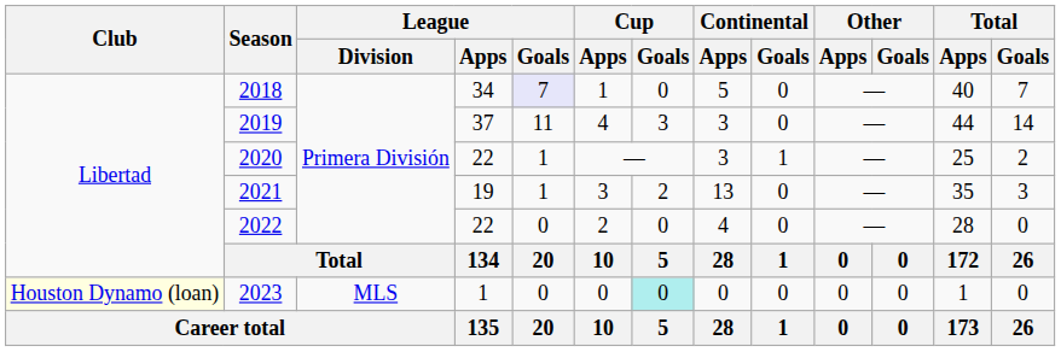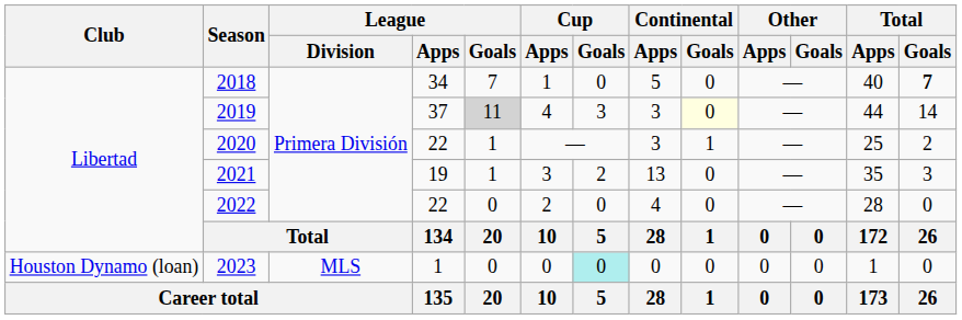 <table class="wikitable" style="text-align:center">
 <tr>
 <th rowspan="2">Club</th>
 <th rowspan="2">Season</th>
 <th colspan="3">League</th>
 <th colspan="2">Cup</th>
 <th colspan="2">Continental</th>
 <th colspan="2">Other</th>
 <th colspan="2">Total</th>
 </tr>
 <tr>
 <th>Division</th>
 <th>Apps</th>
 <th>Goals</th>
 <th>Apps</th>
 <th>Goals</th>
 <th>Apps</th>
 <th>Goals</th>
 <th>Apps</th>
 <th>Goals</th>
 <th>Apps</th>
 <th>Goals</th>
 </tr>
 <tr>
 <td rowspan="6"><a href='#'>Libertad</a></td>
 <td><a href='#'>2018</a></td>
 <td rowspan="5"><a href='#'>Primera División</a></td>
 <td>34</td>
-<td style="background: lavender;">7</td>
+<td>7</td>
 <td>1</td>
 <td>0</td>
 <td>5</td>
 <td>0</td>
 <td colspan="2">—</td>
 <td>40</td>
-<td>7</td>
+<td><strong>7</strong></td>
 </tr>
 <tr>
 <td><a href='#'>2019</a></td>
 <td>37</td>
-<td>11</td>
+<td style="background: lightgrey;">11</td>
 <td>4</td>
 <td>3</td>
 <td>3</td>
-<td>0</td>
+<td style="background: lightyellow;">0</td>
 <td colspan="2">—</td>
 <td>44</td>
 <td>14</td>
 </tr>
 <tr>
 <td><a href='#'>2020</a></td>
 <td>22</td>
 <td>1</td>
 <td colspan="2">—</td>
 <td>3</td>
 <td>1</td>
 <td colspan="2">—</td>
 <td>25</td>
 <td>2</td>
 </tr>
 <tr>
 <td><a href='#'>2021</a></td>
 <td>19</td>
 <td>1</td>
 <td>3</td>
 <td>2</td>
 <td>13</td>
 <td>0</td>
 <td colspan="2">—</td>
 <td>35</td>
 <td>3</td>
 </tr>
 <tr>
 <td><a href='#'>2022</a></td>
 <td>22</td>
 <td>0</td>
 <td>2</td>
 <td>0</td>
 <td>4</td>
 <td>0</td>
 <td colspan="2">—</td>
 <td>28</td>
 <td>0</td>
 </tr>
 <tr>
 <th colspan="2">Total</th>
 <th>134</th>
 <th>20</th>
 <th>10</th>
 <th>5</th>
 <th>28</th>
 <th>1</th>
 <th>0</th>
 <th>0</th>
 <th>172</th>
 <th>26</th>
 </tr>
 <tr>
-<td style="background: lightyellow;"><a href='#'>Houston Dynamo</a> (loan)</td>
+<td><a href='#'>Houston Dynamo</a> (loan)</td>
 <td><a href='#'>2023</a></td>
 <td><a href='#'>MLS</a></td>
 <td>1</td>
 <td>0</td>
 <td>0</td>
 <td style="background: paleturquoise;">0</td>
 <td>0</td>
 <td>0</td>
 <td>0</td>
 <td>0</td>
 <td>1</td>
 <td>0</td>
 </tr>
 <tr>
 <th colspan="3">Career total</th>
 <th>135</th>
 <th>20</th>
 <th>10</th>
 <th>5</th>
 <th>28</th>
 <th>1</th>
 <th>0</th>
 <th>0</th>
 <th>173</th>
 <th>26</th>
 </tr>
 </table>
